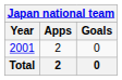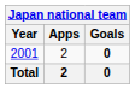 <table class="wikitable" style="text-align:center">
 <tr>
 <th colspan=3><a href='#'>Japan national team</a></th>
 </tr>
 <tr>
 <th>Year</th>
 <th>Apps</th>
 <th>Goals</th>
 </tr>
 <tr>
 <td><a href='#'>2001</a></td>
 <td>2</td>
-<td>0</td>
+<td><strong>0</strong></td>
 </tr>
 <tr>
 <th>Total</th>
 <th>2</th>
 <th>0</th>
 </tr>
 </table>
